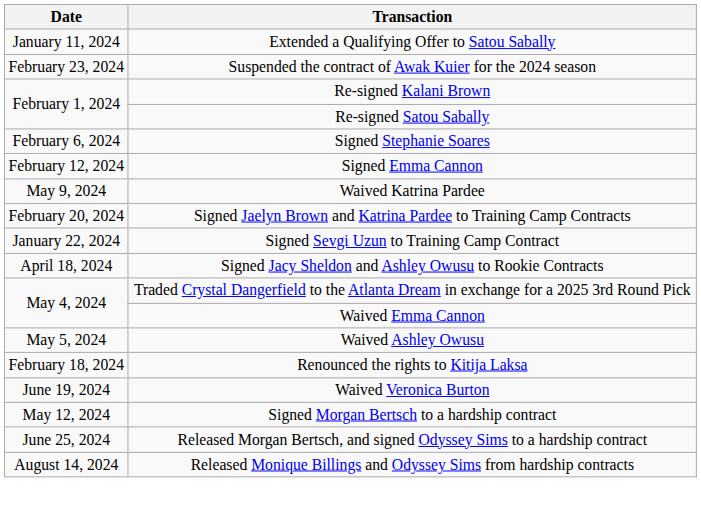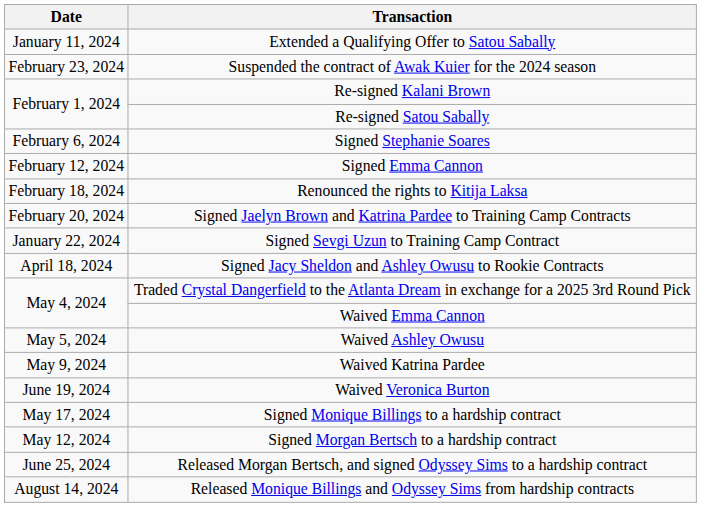 <table class="wikitable" style="width:80%; text-align: center;">
 <tr>
 <th>Date</th>
 <th>Transaction</th>
 </tr>
 <tr>
 <td>January 11, 2024</td>
 <td>Extended a Qualifying Offer to <a href='#'>Satou Sabally</a></td>
 </tr>
 <tr>
 <td>February 23, 2024</td>
 <td>Suspended the contract of <a href='#'>Awak Kuier</a> for the 2024 season</td>
 </tr>
 <tr>
 <td rowspan=2>February 1, 2024</td>
 <td>Re-signed <a href='#'>Kalani Brown</a></td>
 </tr>
 <tr>
 <td>Re-signed <a href='#'>Satou Sabally</a></td>
 </tr>
 <tr>
 <td>February 6, 2024</td>
 <td>Signed <a href='#'>Stephanie Soares</a></td>
 </tr>
 <tr>
 <td>February 12, 2024</td>
 <td>Signed <a href='#'>Emma Cannon</a></td>
 </tr>
 <tr>
-<td>May 9, 2024</td>
-<td>Waived Katrina Pardee</td>
+<td>February 18, 2024</td>
+<td>Renounced the rights to <a href='#'>Kitija Laksa</a></td>
 </tr>
 <tr>
 <td>February 20, 2024</td>
 <td>Signed <a href='#'>Jaelyn Brown</a> and <a href='#'>Katrina Pardee</a> to Training Camp Contracts</td>
 </tr>
 <tr>
 <td>January 22, 2024</td>
 <td>Signed <a href='#'>Sevgi Uzun</a> to Training Camp Contract</td>
 </tr>
 <tr>
 <td>April 18, 2024</td>
 <td>Signed <a href='#'>Jacy Sheldon</a> and <a href='#'>Ashley Owusu</a> to Rookie Contracts</td>
 </tr>
 <tr>
 <td rowspan=2>May 4, 2024</td>
 <td>Traded <a href='#'>Crystal Dangerfield</a> to the <a href='#'>Atlanta Dream</a> in exchange for a 2025 3rd Round Pick</td>
 </tr>
 <tr>
 <td>Waived <a href='#'>Emma Cannon</a></td>
 </tr>
 <tr>
 <td>May 5, 2024</td>
 <td>Waived <a href='#'>Ashley Owusu</a></td>
 </tr>
 <tr>
-<td>February 18, 2024</td>
-<td>Renounced the rights to <a href='#'>Kitija Laksa</a></td>
+<td>May 9, 2024</td>
+<td>Waived Katrina Pardee</td>
 </tr>
 <tr>
 <td>June 19, 2024</td>
 <td>Waived <a href='#'>Veronica Burton</a></td>
+</tr>
+<tr>
+<td>May 17, 2024</td>
+<td>Signed <a href='#'>Monique Billings</a> to a hardship contract</td>
 </tr>
 <tr>
 <td>May 12, 2024</td>
 <td>Signed <a href='#'>Morgan Bertsch</a> to a hardship contract</td>
 </tr>
 <tr>
 <td>June 25, 2024</td>
 <td>Released Morgan Bertsch, and signed <a href='#'>Odyssey Sims</a> to a hardship contract</td>
 </tr>
 <tr>
 <td>August 14, 2024</td>
 <td>Released <a href='#'>Monique Billings</a> and <a href='#'>Odyssey Sims</a> from hardship contracts</td>
 </tr>
 </table>
